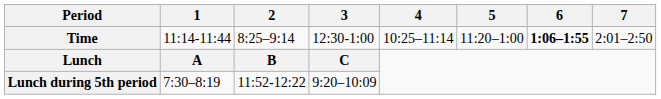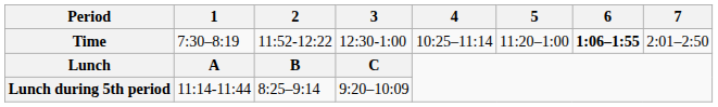 <table class="wikitable">
 <tr>
 <th>Period</th>
 <th>1</th>
 <th>2</th>
 <th>3</th>
 <th>4</th>
 <th>5</th>
 <th>6</th>
 <th>7</th>
 </tr>
 <tr>
 <th>Time</th>
-<td>11:14-11:44</td>
-<td>8:25–9:14</td>
+<td>7:30–8:19</td>
+<td>11:52-12:22</td>
 <td>12:30-1:00</td>
 <td>10:25–11:14</td>
 <td>11:20–1:00</td>
 <td><strong>1:06–1:55</strong></td>
 <td>2:01–2:50</td>
 </tr>
 <tr>
 <th>Lunch</th>
 <th>A</th>
 <th>B</th>
 <th>C</th>
 </tr>
 <tr>
 <th>Lunch during 5th period</th>
-<td>7:30–8:19</td>
-<td>11:52-12:22</td>
+<td>11:14-11:44</td>
+<td>8:25–9:14</td>
 <td>9:20–10:09</td>
 </tr>
 </table>
